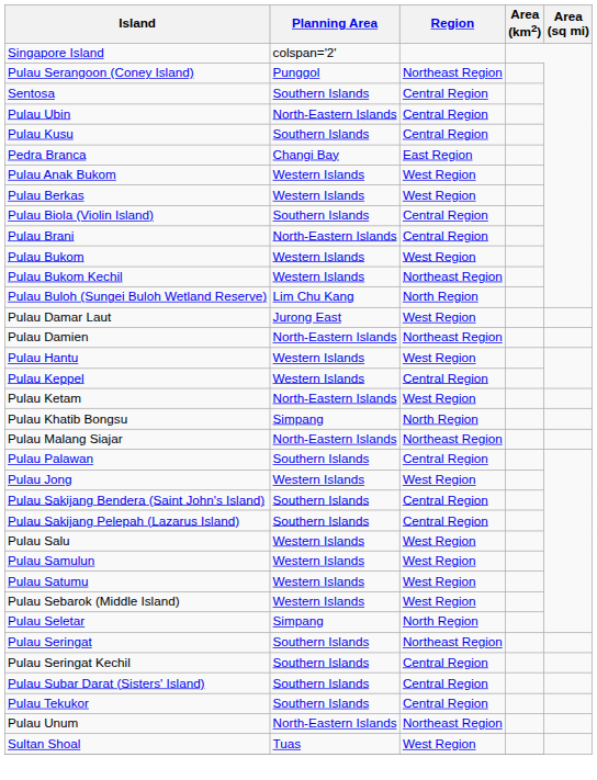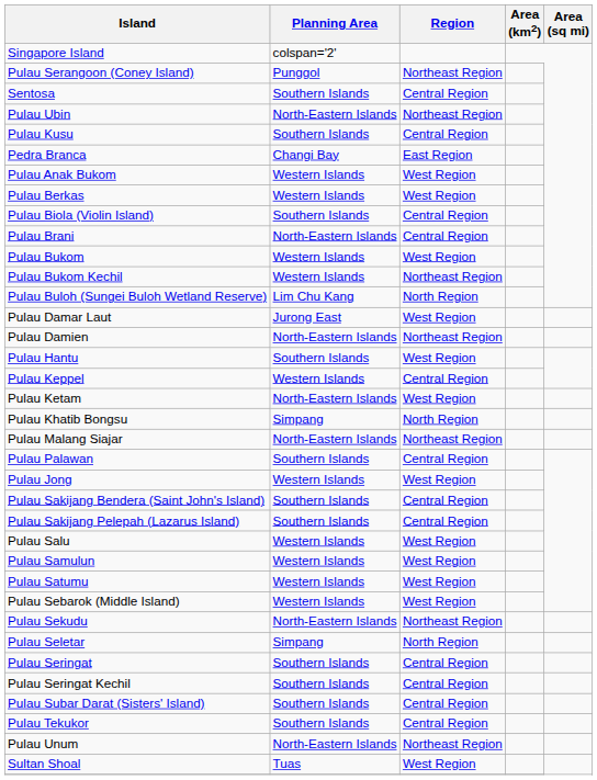 <table class="wikitable sortable static-row-numbers static-row-header-hash" id="SGIsland">
 <tr bgcolor="#CCCCCC">
 <th>Island</th>
 <th><a href='#'>Planning Area</a></th>
 <th><a href='#'>Region</a></th>
 <th>Area<br>(km<sup>2</sup>)</th>
 <th>Area<br>(sq mi)</th>
 </tr>
 <tr>
 <td><a href='#'>Singapore Island</a></td>
 <td>colspan='2' </td>
 <td></td>
 </tr>
 <tr>
 <td><a href='#'>Pulau Serangoon (Coney Island)</a></td>
 <td><a href='#'>Punggol</a></td>
 <td><a href='#'>Northeast Region</a></td>
 <td></td>
 </tr>
 <tr>
 <td><a href='#'>Sentosa</a></td>
 <td><a href='#'>Southern Islands</a></td>
 <td><a href='#'>Central Region</a></td>
 <td></td>
 </tr>
 <tr>
 <td><a href='#'>Pulau Ubin</a></td>
 <td><a href='#'>North-Eastern Islands</a></td>
-<td><a href='#'>Central Region</a></td>
+<td><a href='#'>Northeast Region</a></td>
 <td></td>
 </tr>
 <tr>
 <td><a href='#'>Pulau Kusu</a></td>
 <td><a href='#'>Southern Islands</a></td>
 <td><a href='#'>Central Region</a></td>
 <td></td>
 </tr>
 <tr>
 <td><a href='#'>Pedra Branca</a></td>
 <td><a href='#'>Changi Bay</a></td>
 <td><a href='#'>East Region</a></td>
 <td></td>
 </tr>
 <tr>
 <td><a href='#'>Pulau Anak Bukom</a></td>
 <td><a href='#'>Western Islands</a></td>
 <td><a href='#'>West Region</a></td>
 <td></td>
 </tr>
 <tr>
 <td><a href='#'>Pulau Berkas</a></td>
 <td><a href='#'>Western Islands</a></td>
 <td><a href='#'>West Region</a></td>
 <td></td>
 </tr>
 <tr>
 <td><a href='#'>Pulau Biola (Violin Island)</a></td>
 <td><a href='#'>Southern Islands</a></td>
 <td><a href='#'>Central Region</a></td>
 <td></td>
 </tr>
 <tr>
 <td><a href='#'>Pulau Brani</a></td>
 <td><a href='#'>North-Eastern Islands</a></td>
 <td><a href='#'>Central Region</a></td>
 <td></td>
 </tr>
 <tr>
 <td><a href='#'>Pulau Bukom</a></td>
 <td><a href='#'>Western Islands</a></td>
 <td><a href='#'>West Region</a></td>
 <td></td>
 </tr>
 <tr>
 <td><a href='#'>Pulau Bukom Kechil</a></td>
 <td><a href='#'>Western Islands</a></td>
 <td><a href='#'>Northeast Region</a></td>
 <td></td>
 </tr>
 <tr>
 <td><a href='#'>Pulau Buloh (Sungei Buloh Wetland Reserve)</a></td>
 <td><a href='#'>Lim Chu Kang</a></td>
 <td><a href='#'>North Region</a></td>
 <td></td>
 </tr>
 <tr>
 <td>Pulau Damar Laut</td>
 <td><a href='#'>Jurong East</a></td>
 <td><a href='#'>West Region</a></td>
 <td></td>
 <td></td>
 </tr>
 <tr>
 <td>Pulau Damien</td>
 <td><a href='#'>North-Eastern Islands</a></td>
 <td><a href='#'>Northeast Region</a></td>
 <td></td>
 <td></td>
 </tr>
 <tr>
 <td><a href='#'>Pulau Hantu</a></td>
-<td><a href='#'>Western Islands</a></td>
+<td><a href='#'>Southern Islands</a></td>
 <td><a href='#'>West Region</a></td>
 <td></td>
 </tr>
 <tr>
 <td><a href='#'>Pulau Keppel</a></td>
 <td><a href='#'>Western Islands</a></td>
 <td><a href='#'>Central Region</a></td>
 <td></td>
 </tr>
 <tr>
 <td>Pulau Ketam</td>
 <td><a href='#'>North-Eastern Islands</a></td>
 <td><a href='#'>West Region</a></td>
 <td></td>
 <td></td>
 </tr>
 <tr>
 <td>Pulau Khatib Bongsu</td>
 <td><a href='#'>Simpang</a></td>
 <td><a href='#'>North Region</a></td>
 <td></td>
 <td></td>
 </tr>
 <tr>
 <td>Pulau Malang Siajar</td>
 <td><a href='#'>North-Eastern Islands</a></td>
 <td><a href='#'>Northeast Region</a></td>
 <td></td>
 <td></td>
 </tr>
 <tr>
 <td><a href='#'>Pulau Palawan</a></td>
 <td><a href='#'>Southern Islands</a></td>
 <td><a href='#'>Central Region</a></td>
 <td></td>
 </tr>
 <tr>
 <td><a href='#'>Pulau Jong</a></td>
 <td><a href='#'>Western Islands</a></td>
 <td><a href='#'>West Region</a></td>
 <td></td>
 </tr>
 <tr>
 <td><a href='#'>Pulau Sakijang Bendera (Saint John's Island)</a></td>
 <td><a href='#'>Southern Islands</a></td>
 <td><a href='#'>Central Region</a></td>
 <td></td>
 </tr>
 <tr>
 <td><a href='#'>Pulau Sakijang Pelepah (Lazarus Island)</a></td>
 <td><a href='#'>Southern Islands</a></td>
 <td><a href='#'>Central Region</a></td>
 <td></td>
 </tr>
 <tr>
 <td>Pulau Salu</td>
 <td><a href='#'>Western Islands</a></td>
 <td><a href='#'>West Region</a></td>
 <td></td>
 </tr>
 <tr>
 <td><a href='#'>Pulau Samulun</a></td>
 <td><a href='#'>Western Islands</a></td>
 <td><a href='#'>West Region</a></td>
 <td></td>
 </tr>
 <tr>
 <td><a href='#'>Pulau Satumu</a></td>
 <td><a href='#'>Western Islands</a></td>
 <td><a href='#'>West Region</a></td>
 <td></td>
 </tr>
 <tr>
 <td>Pulau Sebarok (Middle Island)</td>
 <td><a href='#'>Western Islands</a></td>
 <td><a href='#'>West Region</a></td>
 <td></td>
 </tr>
 <tr>
+<td><a href='#'>Pulau Sekudu</a></td>
+<td><a href='#'>North-Eastern Islands</a></td>
+<td><a href='#'>Northeast Region</a></td>
+<td></td>
+<td></td>
+</tr>
+<tr>
 <td><a href='#'>Pulau Seletar</a></td>
 <td><a href='#'>Simpang</a></td>
 <td><a href='#'>North Region</a></td>
 <td></td>
 </tr>
 <tr>
 <td><a href='#'>Pulau Seringat</a></td>
 <td><a href='#'>Southern Islands</a></td>
-<td><a href='#'>Northeast Region</a></td>
+<td><a href='#'>Central Region</a></td>
 <td></td>
 <td></td>
 </tr>
 <tr>
 <td>Pulau Seringat Kechil</td>
 <td><a href='#'>Southern Islands</a></td>
 <td><a href='#'>Central Region</a></td>
 <td></td>
 <td></td>
 </tr>
 <tr>
 <td><a href='#'>Pulau Subar Darat (Sisters' Island)</a></td>
 <td><a href='#'>Southern Islands</a></td>
 <td><a href='#'>Central Region</a></td>
 <td></td>
 </tr>
 <tr>
 <td><a href='#'>Pulau Tekukor</a></td>
 <td><a href='#'>Southern Islands</a></td>
 <td><a href='#'>Central Region</a></td>
 <td></td>
 <td></td>
 </tr>
 <tr>
 <td>Pulau Unum</td>
 <td><a href='#'>North-Eastern Islands</a></td>
 <td><a href='#'>Northeast Region</a></td>
 <td></td>
 <td></td>
 </tr>
 <tr>
 <td><a href='#'>Sultan Shoal</a></td>
 <td><a href='#'>Tuas</a></td>
 <td><a href='#'>West Region</a></td>
 <td></td>
 </tr>
 <tr style="background: ;" class="sortbottom">
 </tr>
 </table>
